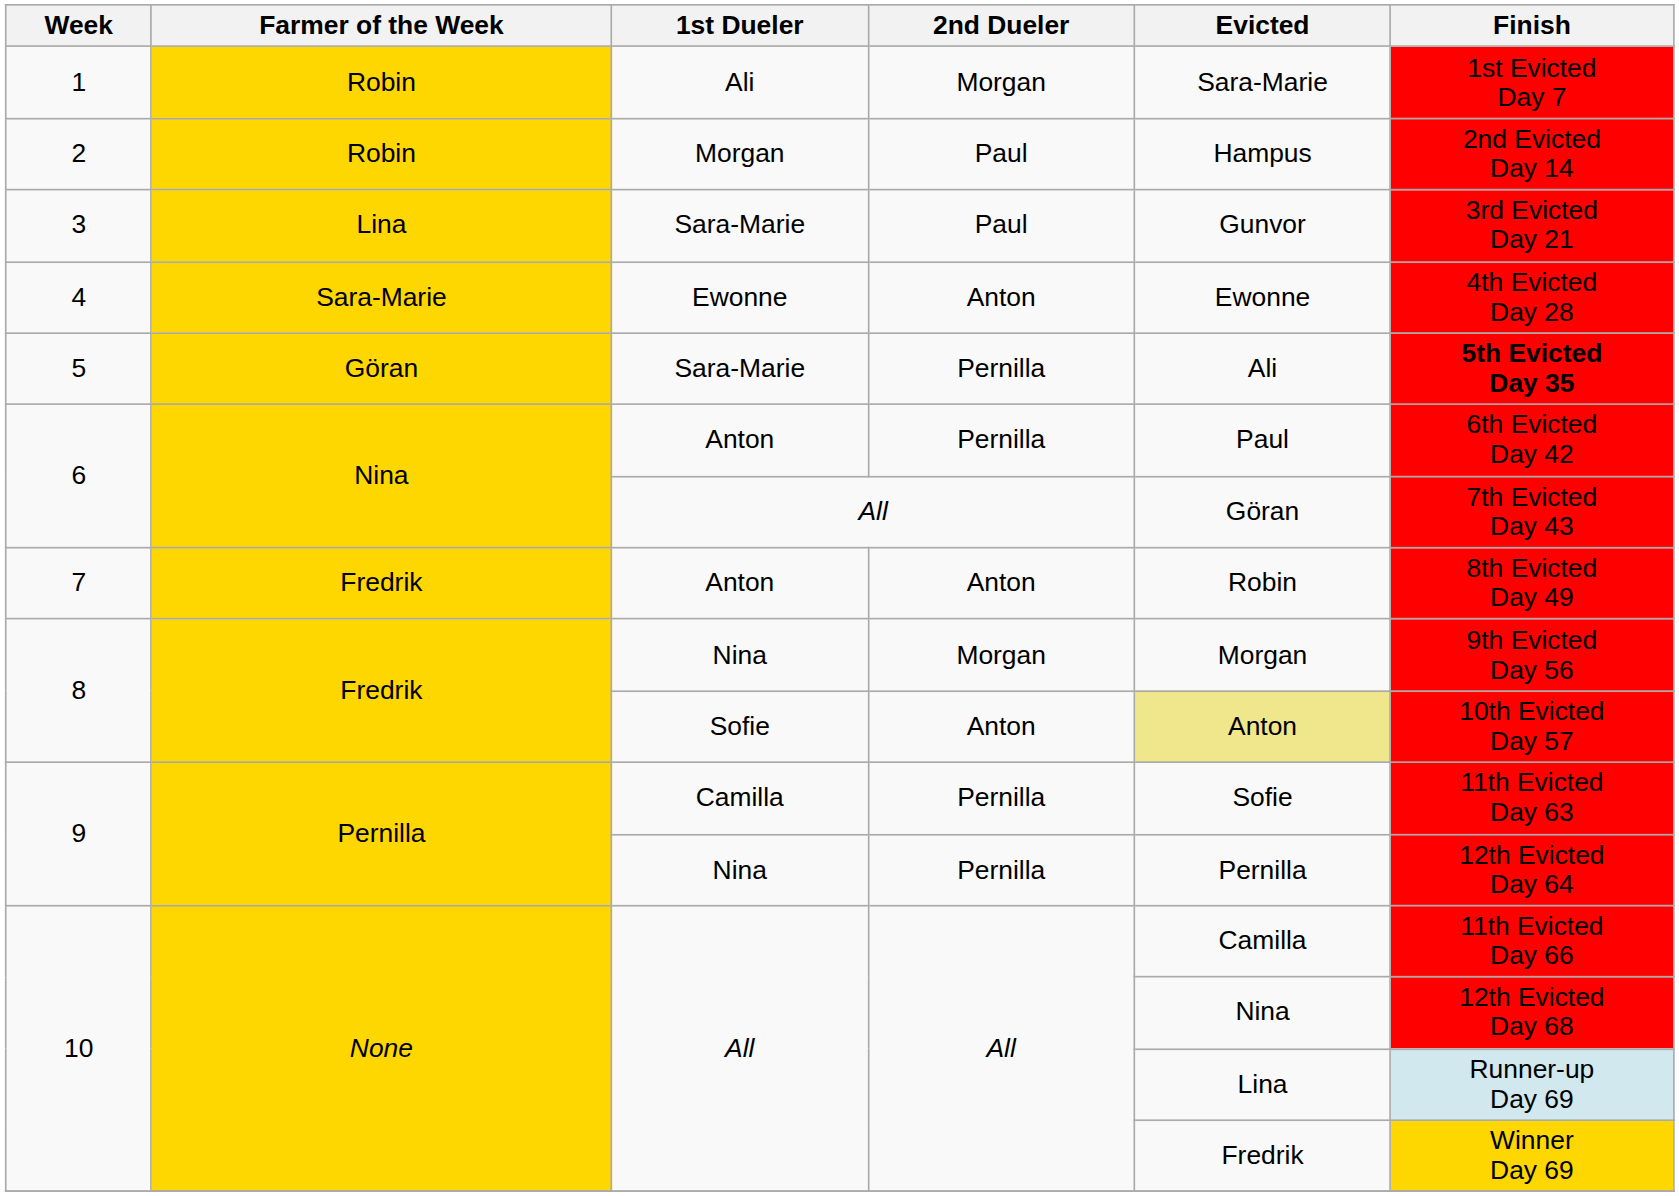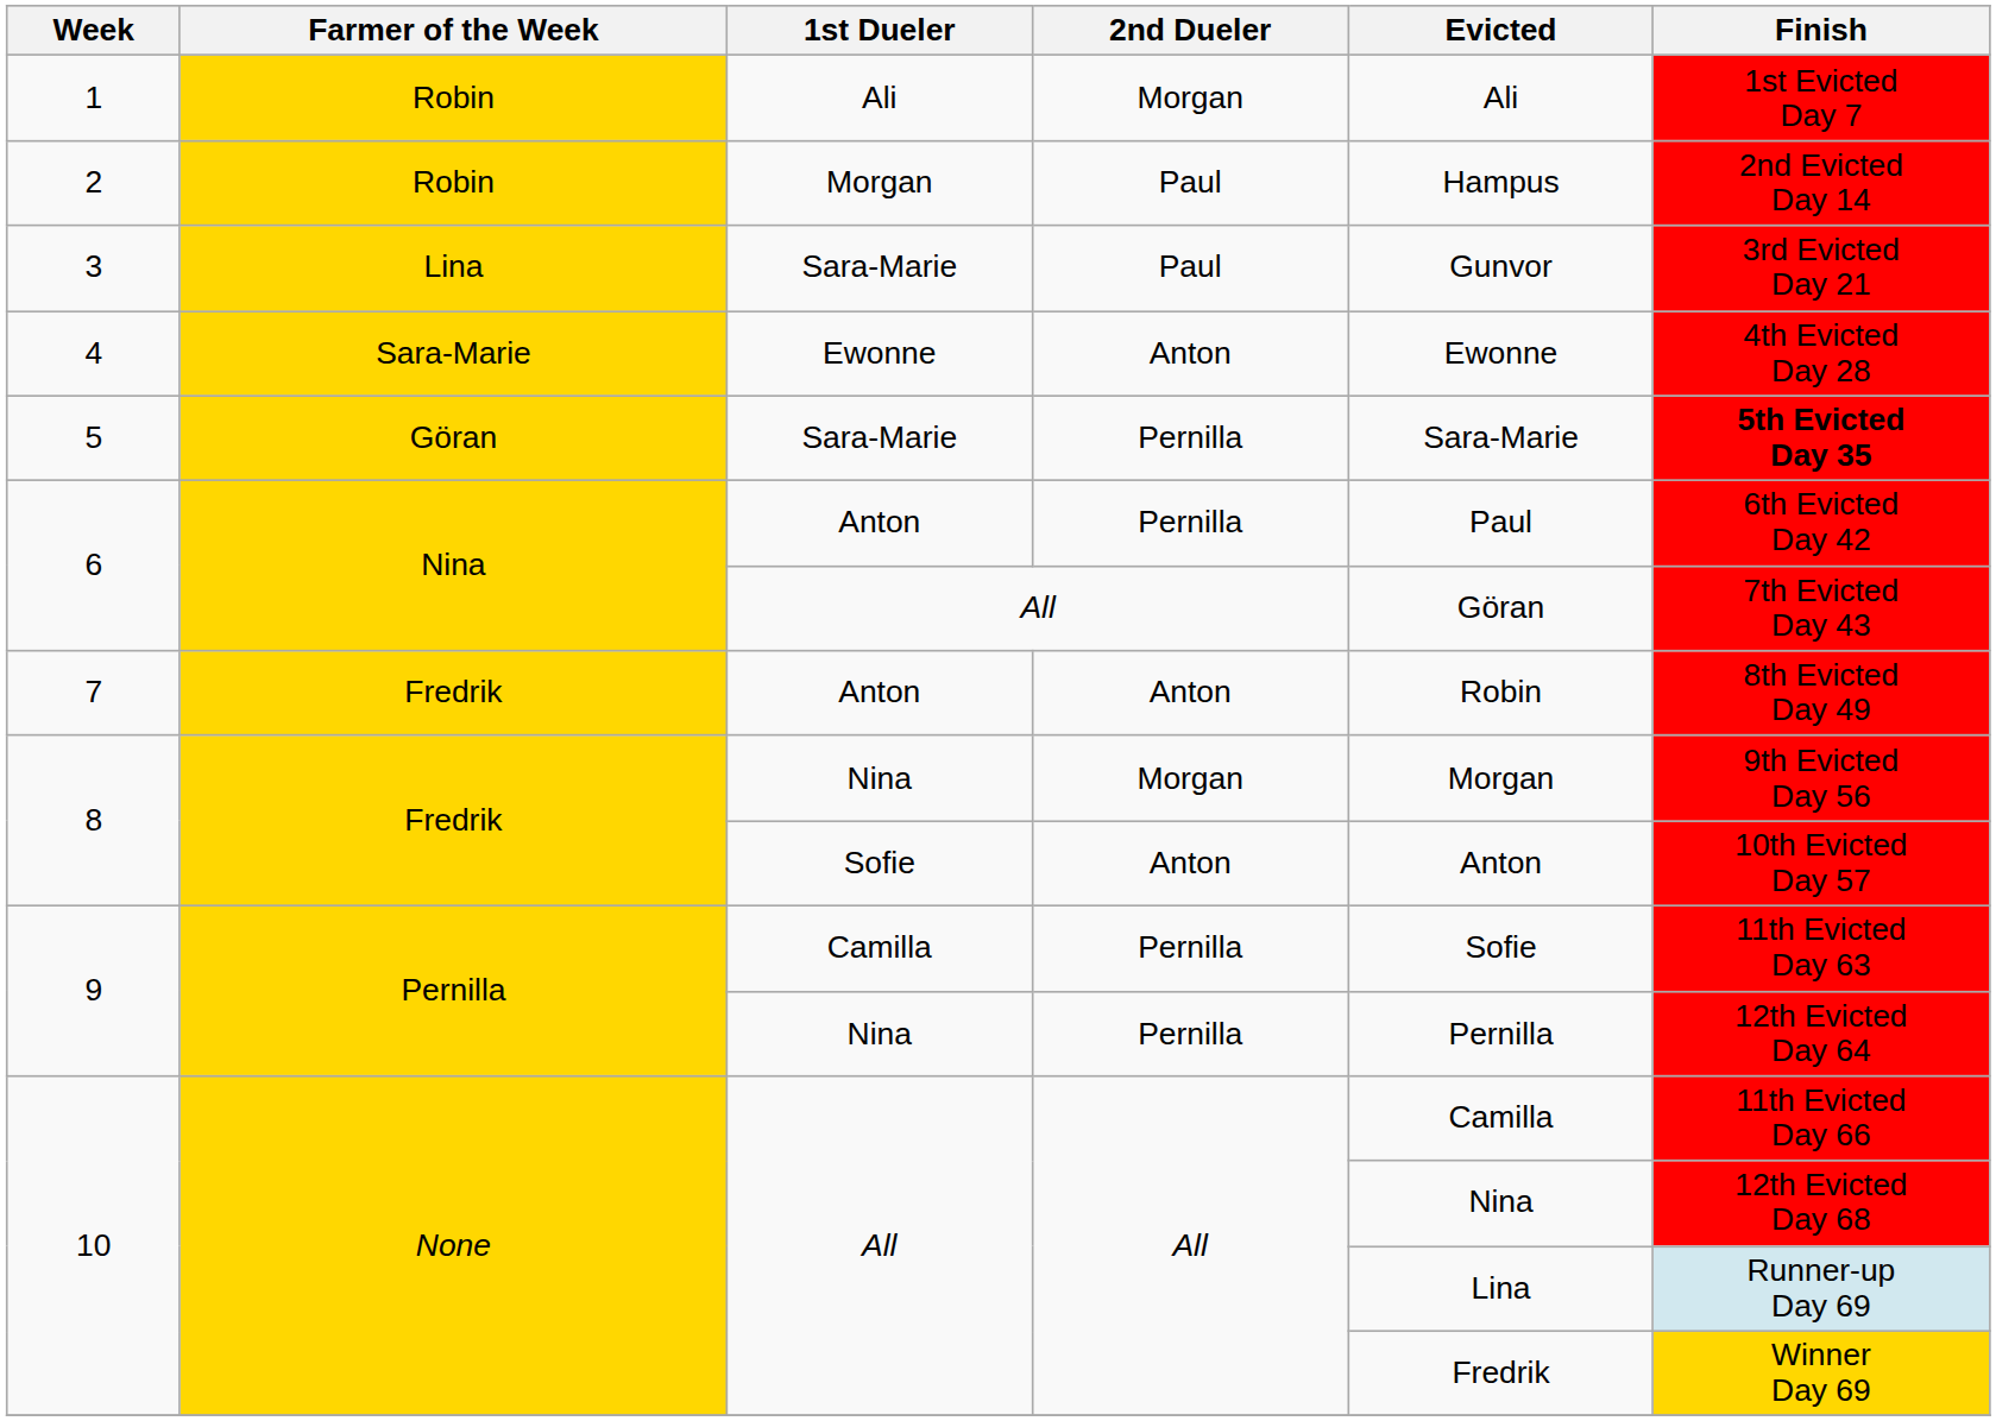 <table class="wikitable" style="font-size:100%; text-align:center; width: 80%; margin-left: auto; margin-right: auto;">
 <tr>
 <th>Week</th>
 <th>Farmer of the Week</th>
 <th>1st Dueler</th>
 <th>2nd Dueler</th>
 <th>Evicted</th>
 <th>Finish</th>
 </tr>
 <tr>
 <td>1</td>
 <td style="background:gold;">Robin</td>
 <td>Ali</td>
 <td>Morgan</td>
-<td>Sara-Marie</td>
+<td>Ali</td>
 <td style="background:#ff0000">1st Evicted<br>Day 7</td>
 </tr>
 <tr>
 <td>2</td>
 <td style="background:gold;">Robin</td>
 <td>Morgan</td>
 <td>Paul</td>
 <td rowspan="1">Hampus</td>
 <td style="background:#ff0000">2nd Evicted<br>Day 14</td>
 </tr>
 <tr>
 <td>3</td>
 <td style="background:gold;">Lina</td>
 <td>Sara-Marie</td>
 <td>Paul</td>
 <td>Gunvor</td>
 <td style="background:#ff0000">3rd Evicted<br>Day 21</td>
 </tr>
 <tr>
 <td>4</td>
 <td style="background:gold;">Sara-Marie</td>
 <td>Ewonne</td>
 <td rowspan="1">Anton</td>
 <td>Ewonne</td>
 <td style="background:#ff0000">4th Evicted<br>Day 28</td>
 </tr>
 <tr>
 <td>5</td>
 <td style="background:gold;">Göran</td>
 <td>Sara-Marie</td>
 <td>Pernilla</td>
-<td>Ali</td>
+<td>Sara-Marie</td>
 <td style="background:#ff0000"><strong>5th Evicted<br>Day 35</strong></td>
 </tr>
 <tr>
 <td rowspan="2">6</td>
 <td rowspan="2" style="background:gold;">Nina</td>
 <td rowspan="1">Anton</td>
 <td rowspan="1">Pernilla</td>
 <td>Paul</td>
 <td rowspan="1" style="background:#ff0000">6th Evicted<br>Day 42</td>
 </tr>
 <tr>
 <td colspan="2"><em>All</em></td>
 <td rowspan="1">Göran</td>
 <td rowspan="1" style="background:#ff0000">7th Evicted<br>Day 43</td>
 </tr>
 <tr>
 <td>7</td>
 <td style="background:gold;">Fredrik</td>
 <td>Anton</td>
 <td rowspan="1">Anton</td>
 <td>Robin</td>
 <td style="background:#ff0000">8th Evicted<br>Day 49</td>
 </tr>
 <tr>
 <td rowspan="2">8</td>
 <td rowspan="2" style="background:gold;">Fredrik</td>
 <td rowspan="1">Nina</td>
 <td rowspan="1">Morgan</td>
 <td rowspan="1">Morgan</td>
 <td rowspan="1" style="background:#ff0000">9th Evicted<br>Day 56</td>
 </tr>
 <tr>
 <td rowspan="1">Sofie</td>
 <td rowspan="1">Anton</td>
-<td rowspan="1" style="background: khaki;">Anton</td>
+<td rowspan="1">Anton</td>
 <td rowspan="1" style="background:#ff0000">10th Evicted<br>Day 57</td>
 </tr>
 <tr>
 <td rowspan="2">9</td>
 <td rowspan="2" style="background:gold;">Pernilla</td>
 <td rowspan="1">Camilla</td>
 <td>Pernilla</td>
 <td rowspan="1">Sofie</td>
 <td rowspan="1" style="background:#ff0000">11th Evicted<br>Day 63</td>
 </tr>
 <tr>
 <td rowspan="1">Nina</td>
 <td rowspan="1">Pernilla</td>
 <td rowspan="1">Pernilla</td>
 <td rowspan="1" style="background:#ff0000">12th Evicted<br>Day 64</td>
 </tr>
 <tr>
 <td rowspan="4">10</td>
 <td rowspan="4" style="background:gold;"><em>None</em></td>
 <td rowspan="4"><em>All</em></td>
 <td rowspan="4"><em>All</em></td>
 <td>Camilla</td>
 <td style="background:#ff0000">11th Evicted<br>Day 66</td>
 </tr>
 <tr>
 <td>Nina</td>
 <td style="background:#ff0000">12th Evicted<br>Day 68</td>
 </tr>
 <tr>
 <td>Lina</td>
 <td style="background:#D1E8EF;">Runner-up<br>Day 69</td>
 </tr>
 <tr>
 <td>Fredrik</td>
 <td style="background:gold;">Winner<br>Day 69</td>
 </tr>
 <tr>
 </tr>
 </table>
